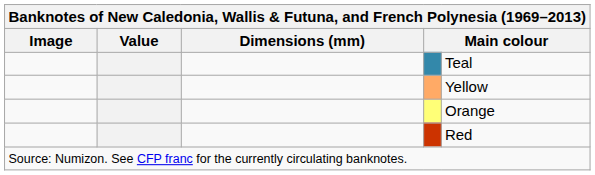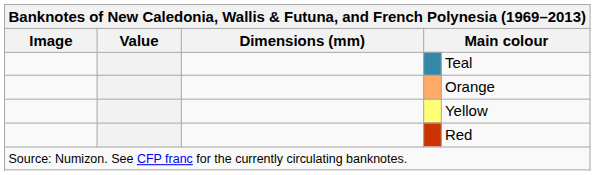 <table class="wikitable"  style="margin:auto; font-size:90%;">
 <tr>
 <th colspan="5">Banknotes of New Caledonia, Wallis & Futuna, and French Polynesia (1969–2013)</th>
 </tr>
 <tr>
 <th>Image</th>
 <th>Value</th>
 <th>Dimensions (mm)</th>
 <th colspan="2">Main colour</th>
 </tr>
 <tr>
 <td style="text-align:center"></td>
 <th></th>
 <td style="text-align:center"></td>
 <td style="text-align:center; background:#38a"></td>
 <td>Teal</td>
 </tr>
 <tr>
 <td style="text-align:center"></td>
 <th></th>
 <td style="text-align:center"></td>
 <td style="text-align:center; background:#fa6"></td>
-<td>Yellow</td>
+<td>Orange</td>
 </tr>
 <tr>
 <td style="text-align:center"></td>
 <th></th>
 <td style="text-align:center"></td>
 <td style="text-align:center; background:#ff7"></td>
-<td>Orange</td>
+<td>Yellow</td>
 </tr>
 <tr>
 <td style="text-align:center"></td>
 <th></th>
 <td style="text-align:center"></td>
 <td style="text-align:center; background:#c30"></td>
 <td>Red</td>
 </tr>
 <tr>
 <td colspan="5"> <small>Source: Numizon. See <a href='#'>CFP franc</a> for the currently circulating banknotes.</small></td>
 </tr>
 </table>
